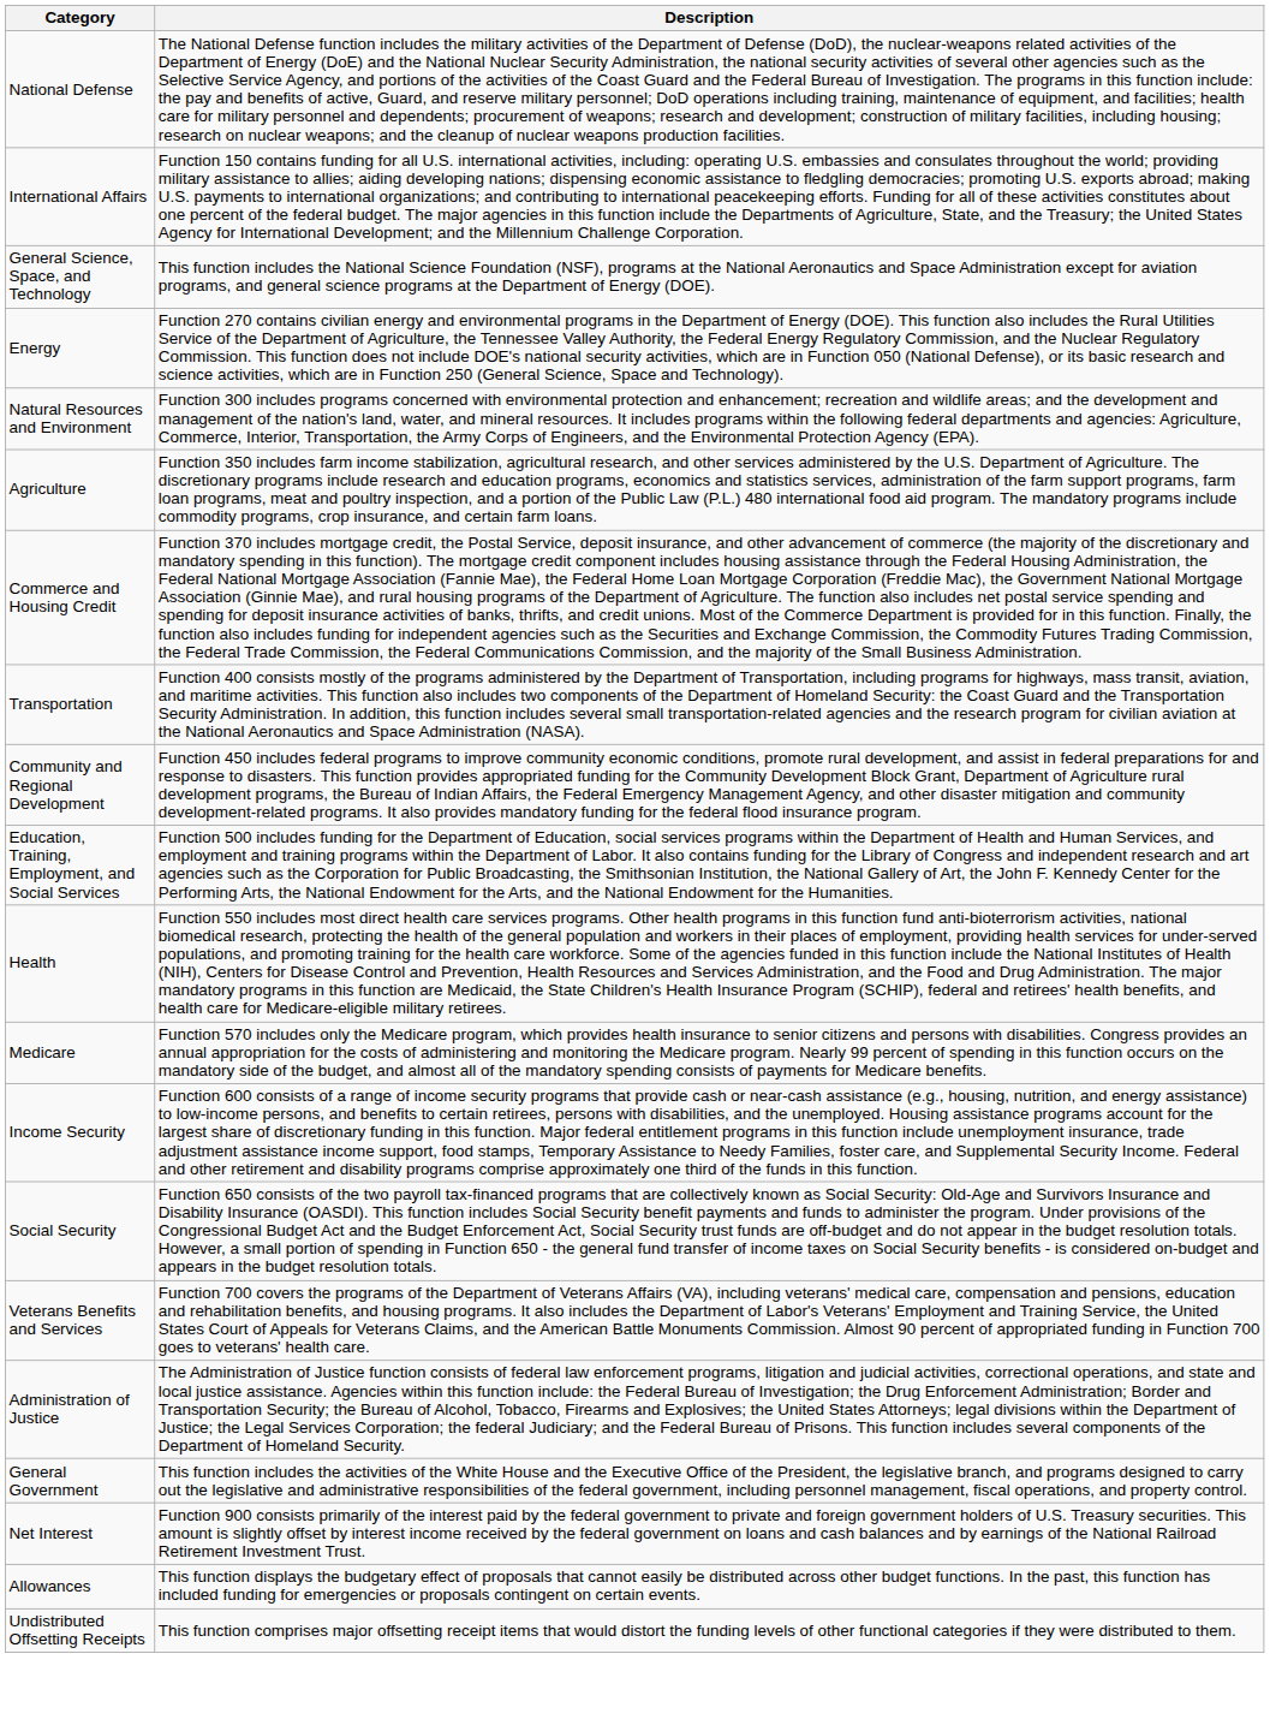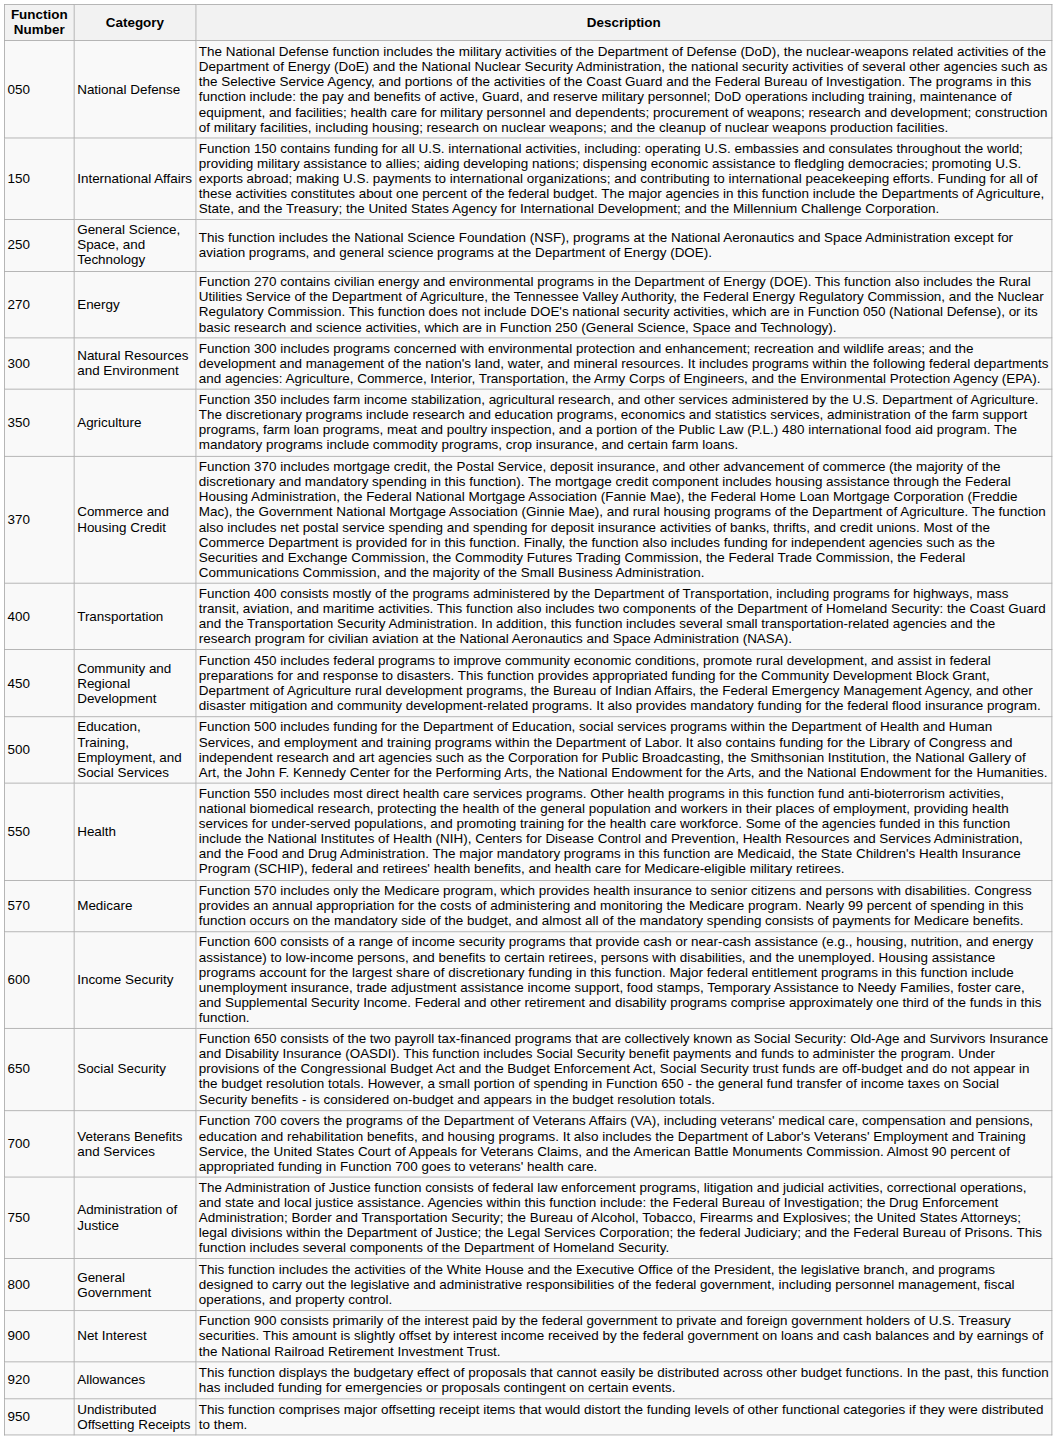 <table class="wikitable mw-collapsible mw-collapsed">
 <tr>
+<th>Function Number</th>
 <th>Category</th>
 <th>Description</th>
 </tr>
 <tr>
+<td>050</td>
 <td>National Defense</td>
 <td>The National Defense function includes the military activities of the Department of Defense (DoD), the nuclear-weapons related activities of the Department of Energy (DoE) and the National Nuclear Security Administration, the national security activities of several other agencies such as the Selective Service Agency, and portions of the activities of the Coast Guard and the Federal Bureau of Investigation. The programs in this function include: the pay and benefits of active, Guard, and reserve military personnel; DoD operations including training, maintenance of equipment, and facilities; health care for military personnel and dependents; procurement of weapons; research and development; construction of military facilities, including housing; research on nuclear weapons; and the cleanup of nuclear weapons production facilities.</td>
 </tr>
 <tr>
+<td>150</td>
 <td>International Affairs</td>
 <td>Function 150 contains funding for all U.S. international activities, including: operating U.S. embassies and consulates throughout the world; providing military assistance to allies; aiding developing nations; dispensing economic assistance to fledgling democracies; promoting U.S. exports abroad; making U.S. payments to international organizations; and contributing to international peacekeeping efforts. Funding for all of these activities constitutes about one percent of the federal budget. The major agencies in this function include the Departments of Agriculture, State, and the Treasury; the United States Agency for International Development; and the Millennium Challenge Corporation.</td>
 </tr>
 <tr>
+<td>250</td>
 <td>General Science, Space, and Technology</td>
 <td>This function includes the National Science Foundation (NSF), programs at the National Aeronautics and Space Administration except for aviation programs, and general science programs at the Department of Energy (DOE).</td>
 </tr>
 <tr>
+<td>270</td>
 <td>Energy</td>
 <td>Function 270 contains civilian energy and environmental programs in the Department of Energy (DOE). This function also includes the Rural Utilities Service of the Department of Agriculture, the Tennessee Valley Authority, the Federal Energy Regulatory Commission, and the Nuclear Regulatory Commission. This function does not include DOE's national security activities, which are in Function 050 (National Defense), or its basic research and science activities, which are in Function 250 (General Science, Space and Technology).</td>
 </tr>
 <tr>
+<td>300</td>
 <td>Natural Resources and Environment</td>
 <td>Function 300 includes programs concerned with environmental protection and enhancement; recreation and wildlife areas; and the development and management of the nation's land, water, and mineral resources. It includes programs within the following federal departments and agencies: Agriculture, Commerce, Interior, Transportation, the Army Corps of Engineers, and the Environmental Protection Agency (EPA).</td>
 </tr>
 <tr>
+<td>350</td>
 <td>Agriculture</td>
 <td>Function 350 includes farm income stabilization, agricultural research, and other services administered by the U.S. Department of Agriculture. The discretionary programs include research and education programs, economics and statistics services, administration of the farm support programs, farm loan programs, meat and poultry inspection, and a portion of the Public Law (P.L.) 480 international food aid program. The mandatory programs include commodity programs, crop insurance, and certain farm loans.</td>
 </tr>
 <tr>
+<td>370</td>
 <td>Commerce and Housing Credit</td>
 <td>Function 370 includes mortgage credit, the Postal Service, deposit insurance, and other advancement of commerce (the majority of the discretionary and mandatory spending in this function). The mortgage credit component includes housing assistance through the Federal Housing Administration, the Federal National Mortgage Association (Fannie Mae), the Federal Home Loan Mortgage Corporation (Freddie Mac), the Government National Mortgage Association (Ginnie Mae), and rural housing programs of the Department of Agriculture. The function also includes net postal service spending and spending for deposit insurance activities of banks, thrifts, and credit unions. Most of the Commerce Department is provided for in this function. Finally, the function also includes funding for independent agencies such as the Securities and Exchange Commission, the Commodity Futures Trading Commission, the Federal Trade Commission, the Federal Communications Commission, and the majority of the Small Business Administration.</td>
 </tr>
 <tr>
+<td>400</td>
 <td>Transportation</td>
 <td>Function 400 consists mostly of the programs administered by the Department of Transportation, including programs for highways, mass transit, aviation, and maritime activities. This function also includes two components of the Department of Homeland Security: the Coast Guard and the Transportation Security Administration. In addition, this function includes several small transportation-related agencies and the research program for civilian aviation at the National Aeronautics and Space Administration (NASA).</td>
 </tr>
 <tr>
+<td>450</td>
 <td>Community and Regional Development</td>
 <td>Function 450 includes federal programs to improve community economic conditions, promote rural development, and assist in federal preparations for and response to disasters. This function provides appropriated funding for the Community Development Block Grant, Department of Agriculture rural development programs, the Bureau of Indian Affairs, the Federal Emergency Management Agency, and other disaster mitigation and community development-related programs. It also provides mandatory funding for the federal flood insurance program.</td>
 </tr>
 <tr>
+<td>500</td>
 <td>Education, Training, Employment, and Social Services</td>
 <td>Function 500 includes funding for the Department of Education, social services programs within the Department of Health and Human Services, and employment and training programs within the Department of Labor. It also contains funding for the Library of Congress and independent research and art agencies such as the Corporation for Public Broadcasting, the Smithsonian Institution, the National Gallery of Art, the John F. Kennedy Center for the Performing Arts, the National Endowment for the Arts, and the National Endowment for the Humanities.</td>
 </tr>
 <tr>
+<td>550</td>
 <td>Health</td>
 <td>Function 550 includes most direct health care services programs. Other health programs in this function fund anti-bioterrorism activities, national biomedical research, protecting the health of the general population and workers in their places of employment, providing health services for under-served populations, and promoting training for the health care workforce. Some of the agencies funded in this function include the National Institutes of Health (NIH), Centers for Disease Control and Prevention, Health Resources and Services Administration, and the Food and Drug Administration. The major mandatory programs in this function are Medicaid, the State Children's Health Insurance Program (SCHIP), federal and retirees' health benefits, and health care for Medicare-eligible military retirees.</td>
 </tr>
 <tr>
+<td>570</td>
 <td>Medicare</td>
 <td>Function 570 includes only the Medicare program, which provides health insurance to senior citizens and persons with disabilities. Congress provides an annual appropriation for the costs of administering and monitoring the Medicare program. Nearly 99 percent of spending in this function occurs on the mandatory side of the budget, and almost all of the mandatory spending consists of payments for Medicare benefits.</td>
 </tr>
 <tr>
+<td>600</td>
 <td>Income Security</td>
 <td>Function 600 consists of a range of income security programs that provide cash or near-cash assistance (e.g., housing, nutrition, and energy assistance) to low-income persons, and benefits to certain retirees, persons with disabilities, and the unemployed. Housing assistance programs account for the largest share of discretionary funding in this function. Major federal entitlement programs in this function include unemployment insurance, trade adjustment assistance income support, food stamps, Temporary Assistance to Needy Families, foster care, and Supplemental Security Income. Federal and other retirement and disability programs comprise approximately one third of the funds in this function.</td>
 </tr>
 <tr>
+<td>650</td>
 <td>Social Security</td>
 <td>Function 650 consists of the two payroll tax-financed programs that are collectively known as Social Security: Old-Age and Survivors Insurance and Disability Insurance (OASDI). This function includes Social Security benefit payments and funds to administer the program. Under provisions of the Congressional Budget Act and the Budget Enforcement Act, Social Security trust funds are off-budget and do not appear in the budget resolution totals. However, a small portion of spending in Function 650 - the general fund transfer of income taxes on Social Security benefits - is considered on-budget and appears in the budget resolution totals.</td>
 </tr>
 <tr>
+<td>700</td>
 <td>Veterans Benefits and Services</td>
 <td>Function 700 covers the programs of the Department of Veterans Affairs (VA), including veterans' medical care, compensation and pensions, education and rehabilitation benefits, and housing programs. It also includes the Department of Labor's Veterans' Employment and Training Service, the United States Court of Appeals for Veterans Claims, and the American Battle Monuments Commission. Almost 90 percent of appropriated funding in Function 700 goes to veterans' health care.</td>
 </tr>
 <tr>
+<td>750</td>
 <td>Administration of Justice</td>
 <td>The Administration of Justice function consists of federal law enforcement programs, litigation and judicial activities, correctional operations, and state and local justice assistance. Agencies within this function include: the Federal Bureau of Investigation; the Drug Enforcement Administration; Border and Transportation Security; the Bureau of Alcohol, Tobacco, Firearms and Explosives; the United States Attorneys; legal divisions within the Department of Justice; the Legal Services Corporation; the federal Judiciary; and the Federal Bureau of Prisons. This function includes several components of the Department of Homeland Security.</td>
 </tr>
 <tr>
+<td>800</td>
 <td>General Government</td>
 <td>This function includes the activities of the White House and the Executive Office of the President, the legislative branch, and programs designed to carry out the legislative and administrative responsibilities of the federal government, including personnel management, fiscal operations, and property control.</td>
 </tr>
 <tr>
+<td>900</td>
 <td>Net Interest</td>
 <td>Function 900 consists primarily of the interest paid by the federal government to private and foreign government holders of U.S. Treasury securities. This amount is slightly offset by interest income received by the federal government on loans and cash balances and by earnings of the National Railroad Retirement Investment Trust.</td>
 </tr>
 <tr>
+<td>920</td>
 <td>Allowances</td>
 <td>This function displays the budgetary effect of proposals that cannot easily be distributed across other budget functions. In the past, this function has included funding for emergencies or proposals contingent on certain events.</td>
 </tr>
 <tr>
+<td>950</td>
 <td>Undistributed Offsetting Receipts</td>
 <td>This function comprises major offsetting receipt items that would distort the funding levels of other functional categories if they were distributed to them.</td>
 </tr>
 </table>
